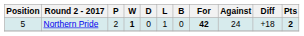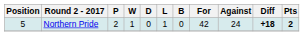 <table class="wikitable" style="text-align:center; font-size:85%;">
 <tr>
 <th width=40 abbr="Position">Position</th>
 <th width=100>Round 2 - 2017</th>
 <th width=20 abbr="Played">P</th>
 <th width=20 abbr="Won">W</th>
 <th width=20 abbr="Drawn">D</th>
 <th width=20 abbr="Lost">L</th>
 <th width=20 abbr="Bye">B</th>
 <th width=40 abbr="Points for">For</th>
 <th width=40 abbr="Points against">Against</th>
 <th width=40 abbr="Points difference">Diff</th>
 <th width=20 abbr="Points">Pts</th>
 </tr>
 <tr style="background: #d7ebed;">
 <td>5</td>
 <td style="text-align:left;"> <a href='#'>Northern Pride</a></td>
 <td>2</td>
-<td><strong>1</strong></td>
+<td>1</td>
 <td>0</td>
 <td>1</td>
 <td>0</td>
-<td><strong>42</strong></td>
+<td>42</td>
 <td>24</td>
-<td>+18</td>
+<td><strong>+18</strong></td>
 <td><strong>2</strong></td>
 </tr>
 <tr>
 </tr>
 </table>
